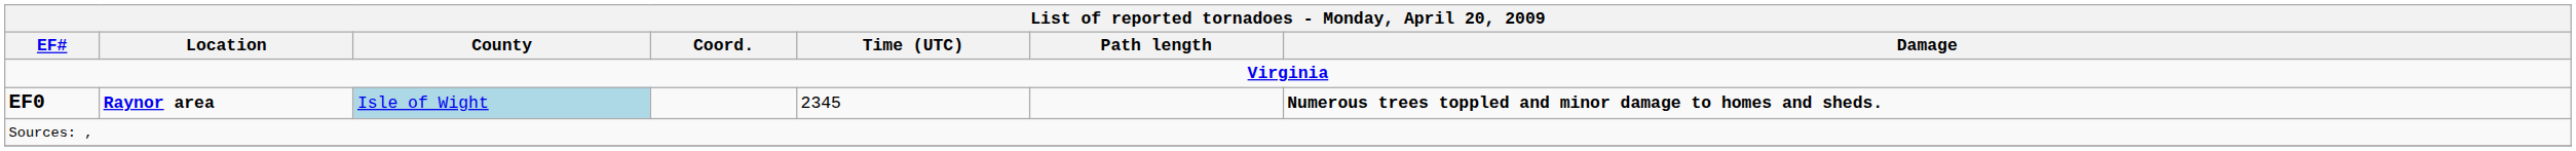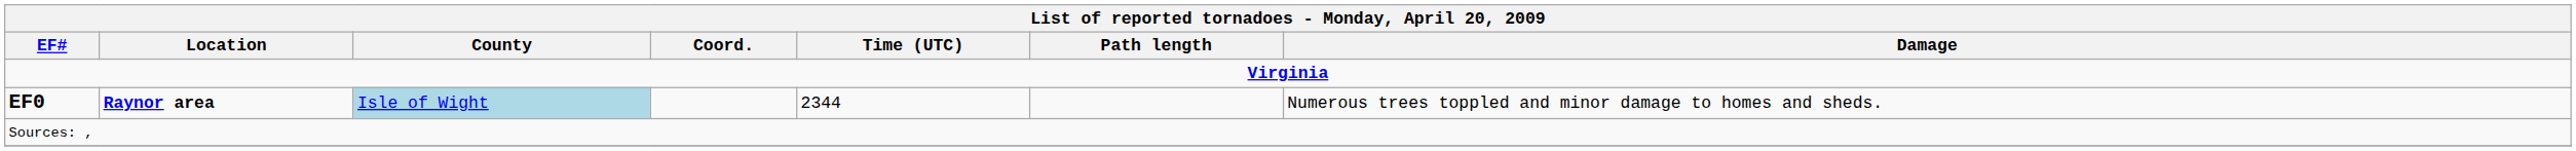 <table class="wikitable collapsible" width="100%">
 <tr>
 <th colspan="7">List of reported tornadoes - Monday, April 20, 2009</th>
 </tr>
 <tr>
 <th><a href='#'>EF#</a></th>
 <th>Location</th>
 <th>County</th>
 <th>Coord.</th>
 <th>Time (UTC)</th>
 <th>Path length</th>
 <th>Damage</th>
 </tr>
 <tr>
 <td colspan="7" align=center><strong><a href='#'>Virginia</a></strong></td>
 </tr>
 <tr>
 <td><big><strong>EF0</strong></big></td>
 <td><strong><a href='#'>Raynor</a> area</strong></td>
 <td style="background: lightblue;"><a href='#'>Isle of Wight</a></td>
 <td></td>
-<td>2345</td>
+<td>2344</td>
 <td></td>
-<td><strong>Numerous trees toppled and minor damage to homes and sheds.</strong></td>
+<td>Numerous trees toppled and minor damage to homes and sheds.</td>
 </tr>
 <tr>
 <td colspan="7"><small>Sources: , </small></td>
 </tr>
 <tr>
 </tr>
 </table>
